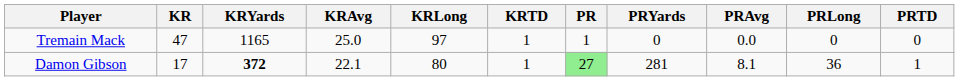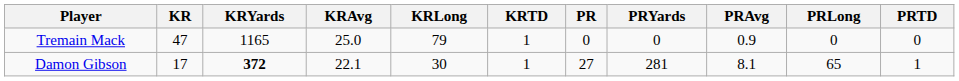 <table class="wikitable" width="80%" style="text-align:center">
 <tr>
 <th>Player</th>
 <th>KR</th>
 <th>KRYards</th>
 <th>KRAvg</th>
 <th>KRLong</th>
 <th>KRTD</th>
 <th>PR</th>
 <th>PRYards</th>
 <th>PRAvg</th>
 <th>PRLong</th>
 <th>PRTD</th>
 </tr>
 <tr>
 <td><a href='#'>Tremain Mack</a></td>
 <td>47</td>
 <td>1165</td>
 <td>25.0</td>
-<td>97</td>
-<td>1</td>
+<td>79</td>
 <td>1</td>
 <td>0</td>
-<td>0.0</td>
+<td>0</td>
+<td>0.9</td>
 <td>0</td>
 <td>0</td>
 </tr>
 <tr>
 <td><a href='#'>Damon Gibson</a></td>
 <td>17</td>
 <td><strong>372</strong></td>
 <td>22.1</td>
-<td>80</td>
+<td>30</td>
 <td>1</td>
-<td style="background: lightgreen;">27</td>
+<td>27</td>
 <td>281</td>
 <td>8.1</td>
-<td>36</td>
+<td>65</td>
 <td>1</td>
 </tr>
 </table>
